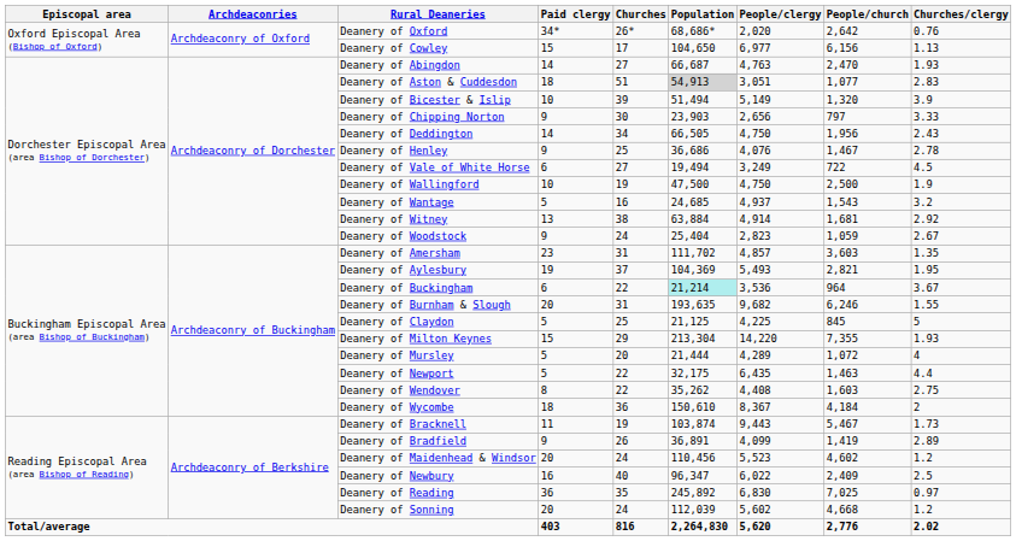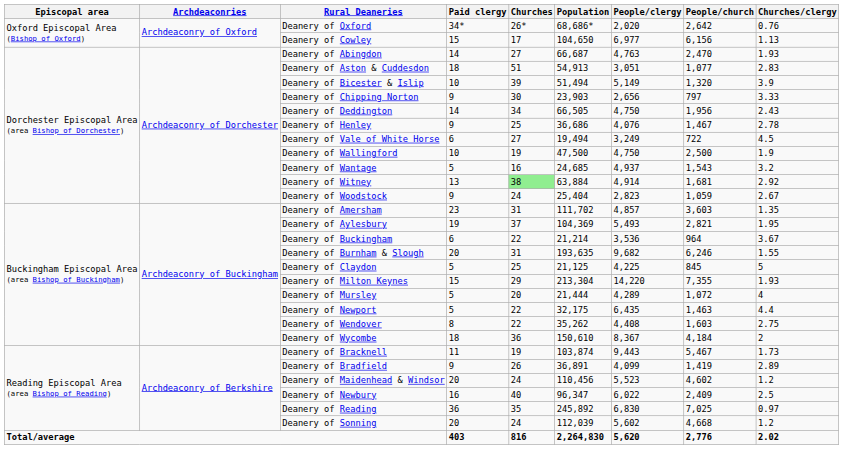 <table class="wikitable sortable">
 <tr>
 <th>Episcopal area</th>
 <th><a href='#'>Archdeaconries</a></th>
 <th><a href='#'>Rural Deaneries</a></th>
 <th>Paid clergy</th>
 <th>Churches</th>
 <th>Population</th>
 <th>People/clergy</th>
 <th>People/church</th>
 <th>Churches/clergy</th>
 </tr>
 <tr>
 <td rowspan="2">Oxford Episcopal Area<br><small>(<a href='#'>Bishop of Oxford</a>)</small></td>
 <td rowspan="2"><a href='#'>Archdeaconry of Oxford</a></td>
 <td>Deanery of <a href='#'>Oxford</a></td>
 <td>34*</td>
 <td>26*</td>
 <td>68,686*</td>
 <td>2,020</td>
 <td>2,642</td>
 <td>0.76</td>
 </tr>
 <tr>
 <td>Deanery of <a href='#'>Cowley</a></td>
 <td>15</td>
 <td>17</td>
 <td>104,650</td>
 <td>6,977</td>
 <td>6,156</td>
 <td>1.13</td>
 </tr>
 <tr>
 <td rowspan="11">Dorchester Episcopal Area <br><small>(area <a href='#'>Bishop of Dorchester</a>)</small></td>
 <td rowspan="11"><a href='#'>Archdeaconry of Dorchester</a></td>
 <td>Deanery of <a href='#'>Abingdon</a></td>
 <td>14</td>
 <td>27</td>
 <td>66,687</td>
 <td>4,763</td>
 <td>2,470</td>
 <td>1.93</td>
 </tr>
 <tr>
 <td>Deanery of <a href='#'>Aston</a> & <a href='#'>Cuddesdon</a></td>
 <td>18</td>
 <td>51</td>
-<td style="background: lightgrey;">54,913</td>
+<td>54,913</td>
 <td>3,051</td>
 <td>1,077</td>
 <td>2.83</td>
 </tr>
 <tr>
 <td>Deanery of <a href='#'>Bicester</a> & <a href='#'>Islip</a></td>
 <td>10</td>
 <td>39</td>
 <td>51,494</td>
 <td>5,149</td>
 <td>1,320</td>
 <td>3.9</td>
 </tr>
 <tr>
 <td>Deanery of <a href='#'>Chipping Norton</a></td>
 <td>9</td>
 <td>30</td>
 <td>23,903</td>
 <td>2,656</td>
 <td>797</td>
 <td>3.33</td>
 </tr>
 <tr>
 <td>Deanery of <a href='#'>Deddington</a></td>
 <td>14</td>
 <td>34</td>
 <td>66,505</td>
 <td>4,750</td>
 <td>1,956</td>
 <td>2.43</td>
 </tr>
 <tr>
 <td>Deanery of <a href='#'>Henley</a></td>
 <td>9</td>
 <td>25</td>
 <td>36,686</td>
 <td>4,076</td>
 <td>1,467</td>
 <td>2.78</td>
 </tr>
 <tr>
 <td>Deanery of <a href='#'>Vale of White Horse</a></td>
 <td>6</td>
 <td>27</td>
 <td>19,494</td>
 <td>3,249</td>
 <td>722</td>
 <td>4.5</td>
 </tr>
 <tr>
 <td>Deanery of <a href='#'>Wallingford</a></td>
 <td>10</td>
 <td>19</td>
 <td>47,500</td>
 <td>4,750</td>
 <td>2,500</td>
 <td>1.9</td>
 </tr>
 <tr>
 <td>Deanery of <a href='#'>Wantage</a></td>
 <td>5</td>
 <td>16</td>
 <td>24,685</td>
 <td>4,937</td>
 <td>1,543</td>
 <td>3.2</td>
 </tr>
 <tr>
 <td>Deanery of <a href='#'>Witney</a></td>
 <td>13</td>
-<td>38</td>
+<td style="background: lightgreen;">38</td>
 <td>63,884</td>
 <td>4,914</td>
 <td>1,681</td>
 <td>2.92</td>
 </tr>
 <tr>
 <td>Deanery of <a href='#'>Woodstock</a></td>
 <td>9</td>
 <td>24</td>
 <td>25,404</td>
 <td>2,823</td>
 <td>1,059</td>
 <td>2.67</td>
 </tr>
 <tr>
 <td rowspan="10">Buckingham Episcopal Area <br><small>(area <a href='#'>Bishop of Buckingham</a>)</small></td>
 <td rowspan="10"><a href='#'>Archdeaconry of Buckingham</a></td>
 <td>Deanery of <a href='#'>Amersham</a></td>
 <td>23</td>
 <td>31</td>
 <td>111,702</td>
 <td>4,857</td>
 <td>3,603</td>
 <td>1.35</td>
 </tr>
 <tr>
 <td>Deanery of <a href='#'>Aylesbury</a></td>
 <td>19</td>
 <td>37</td>
 <td>104,369</td>
 <td>5,493</td>
 <td>2,821</td>
 <td>1.95</td>
 </tr>
 <tr>
 <td>Deanery of <a href='#'>Buckingham</a></td>
 <td>6</td>
 <td>22</td>
-<td style="background: paleturquoise;">21,214</td>
+<td>21,214</td>
 <td>3,536</td>
 <td>964</td>
 <td>3.67</td>
 </tr>
 <tr>
 <td>Deanery of <a href='#'>Burnham</a> & <a href='#'>Slough</a></td>
 <td>20</td>
 <td>31</td>
 <td>193,635</td>
 <td>9,682</td>
 <td>6,246</td>
 <td>1.55</td>
 </tr>
 <tr>
 <td>Deanery of <a href='#'>Claydon</a></td>
 <td>5</td>
 <td>25</td>
 <td>21,125</td>
 <td>4,225</td>
 <td>845</td>
 <td>5</td>
 </tr>
 <tr>
 <td>Deanery of <a href='#'>Milton Keynes</a></td>
 <td>15</td>
 <td>29</td>
 <td>213,304</td>
 <td>14,220</td>
 <td>7,355</td>
 <td>1.93</td>
 </tr>
 <tr>
 <td>Deanery of <a href='#'>Mursley</a></td>
 <td>5</td>
 <td>20</td>
 <td>21,444</td>
 <td>4,289</td>
 <td>1,072</td>
 <td>4</td>
 </tr>
 <tr>
 <td>Deanery of <a href='#'>Newport</a></td>
 <td>5</td>
 <td>22</td>
 <td>32,175</td>
 <td>6,435</td>
 <td>1,463</td>
 <td>4.4</td>
 </tr>
 <tr>
 <td>Deanery of <a href='#'>Wendover</a></td>
 <td>8</td>
 <td>22</td>
 <td>35,262</td>
 <td>4,408</td>
 <td>1,603</td>
 <td>2.75</td>
 </tr>
 <tr>
 <td>Deanery of <a href='#'>Wycombe</a></td>
 <td>18</td>
 <td>36</td>
 <td>150,610</td>
 <td>8,367</td>
 <td>4,184</td>
 <td>2</td>
 </tr>
 <tr>
 <td rowspan="6">Reading Episcopal Area <br><small>(area <a href='#'>Bishop of Reading</a>)</small></td>
 <td rowspan="6"><a href='#'>Archdeaconry of Berkshire</a></td>
 <td>Deanery of <a href='#'>Bracknell</a></td>
 <td>11</td>
 <td>19</td>
 <td>103,874</td>
 <td>9,443</td>
 <td>5,467</td>
 <td>1.73</td>
 </tr>
 <tr>
 <td>Deanery of <a href='#'>Bradfield</a></td>
 <td>9</td>
 <td>26</td>
 <td>36,891</td>
 <td>4,099</td>
 <td>1,419</td>
 <td>2.89</td>
 </tr>
 <tr>
 <td>Deanery of <a href='#'>Maidenhead</a> & <a href='#'>Windsor</a></td>
 <td>20</td>
 <td>24</td>
 <td>110,456</td>
 <td>5,523</td>
 <td>4,602</td>
 <td>1.2</td>
 </tr>
 <tr>
 <td>Deanery of <a href='#'>Newbury</a></td>
 <td>16</td>
 <td>40</td>
 <td>96,347</td>
 <td>6,022</td>
 <td>2,409</td>
 <td>2.5</td>
 </tr>
 <tr>
 <td>Deanery of <a href='#'>Reading</a></td>
 <td>36</td>
 <td>35</td>
 <td>245,892</td>
 <td>6,830</td>
 <td>7,025</td>
 <td>0.97</td>
 </tr>
 <tr>
 <td>Deanery of <a href='#'>Sonning</a></td>
 <td>20</td>
 <td>24</td>
 <td>112,039</td>
 <td>5,602</td>
 <td>4,668</td>
 <td>1.2</td>
 </tr>
 <tr>
 <td colspan="3"><strong>Total/average</strong></td>
 <td><strong>403</strong></td>
 <td><strong>816</strong></td>
 <td><strong>2,264,830</strong></td>
 <td><strong>5,620</strong></td>
 <td><strong>2,776</strong></td>
 <td><strong>2.02</strong></td>
 </tr>
 </table>
